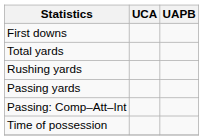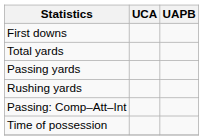 <table class="wikitable" style="float: left;">
 <tr>
 <th>Statistics</th>
 <th>UCA</th>
 <th>UAPB</th>
 </tr>
 <tr>
 <td>First downs</td>
 <td></td>
 <td></td>
 </tr>
 <tr>
 <td>Total yards</td>
 <td></td>
 <td></td>
 </tr>
 <tr>
-<td>Rushing yards</td>
+<td>Passing yards</td>
 <td></td>
 <td></td>
 </tr>
 <tr>
-<td>Passing yards</td>
+<td>Rushing yards</td>
 <td></td>
 <td></td>
 </tr>
 <tr>
 <td>Passing: Comp–Att–Int</td>
 <td></td>
 <td></td>
 </tr>
 <tr>
 <td>Time of possession</td>
 <td></td>
 <td></td>
 </tr>
 <tr>
 </tr>
 </table>
